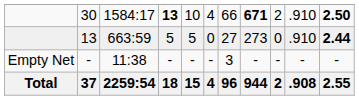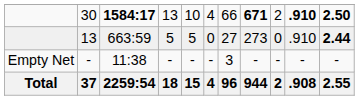 <table class="wikitable sortable">
 <tr align="center">
 </tr>
 <tr align="center" bgcolor="">
 <td></td>
 <td>30</td>
-<td>1584:17</td>
-<td><strong>13</strong></td>
+<td><strong>1584:17</strong></td>
+<td>13</td>
 <td>10</td>
 <td>4</td>
 <td>66</td>
 <td><strong>671</strong></td>
 <td>2</td>
-<td>.910</td>
+<td><strong>.910</strong></td>
 <td><strong>2.50</strong></td>
 </tr>
 <tr align="center" bgcolor="f0f0f0">
 <td></td>
 <td>13</td>
 <td>663:59</td>
 <td>5</td>
 <td>5</td>
 <td>0</td>
 <td>27</td>
 <td>273</td>
 <td>0</td>
 <td>.910</td>
 <td><strong>2.44</strong></td>
 </tr>
 <tr align="center" bgcolor="">
 <td>Empty Net</td>
 <td>-</td>
 <td>11:38</td>
 <td>-</td>
 <td>-</td>
 <td>-</td>
 <td>3</td>
 <td>-</td>
 <td>-</td>
 <td>-</td>
 <td>-</td>
 </tr>
 <tr>
 <th>Total</th>
 <th>37</th>
 <th>2259:54</th>
 <th>18</th>
 <th>15</th>
 <th>4</th>
 <th>96</th>
 <th>944</th>
 <th>2</th>
 <th>.908</th>
 <th>2.55</th>
 </tr>
 </table>
